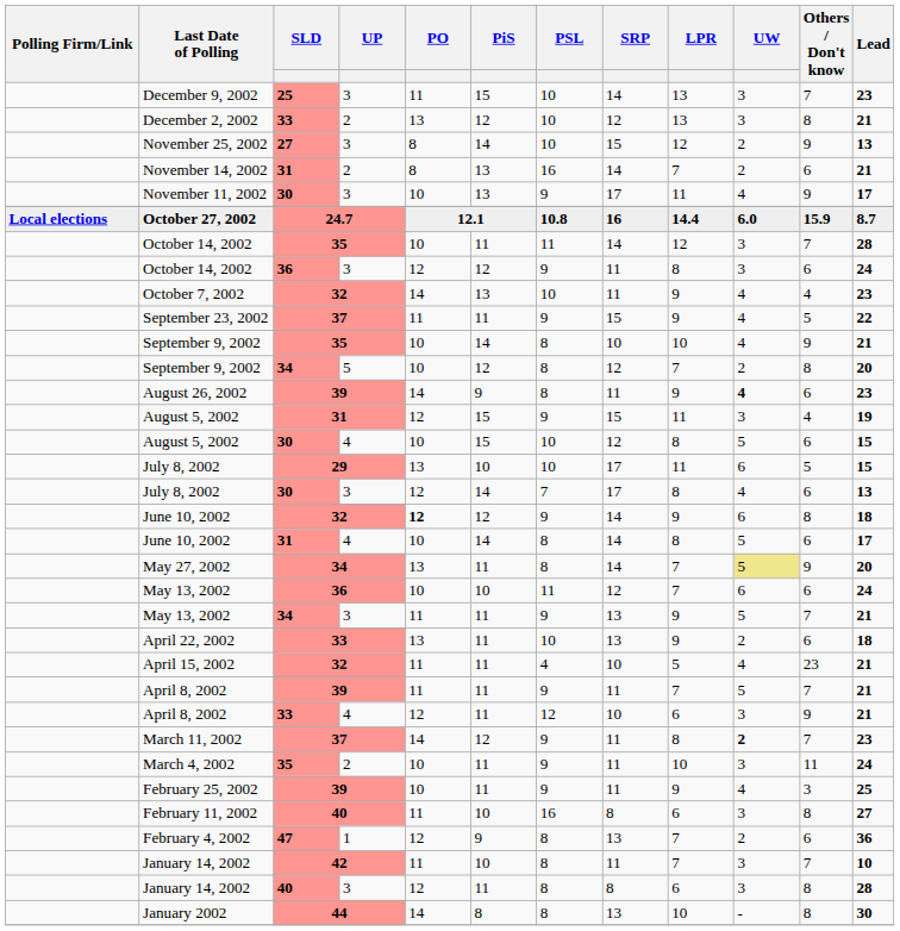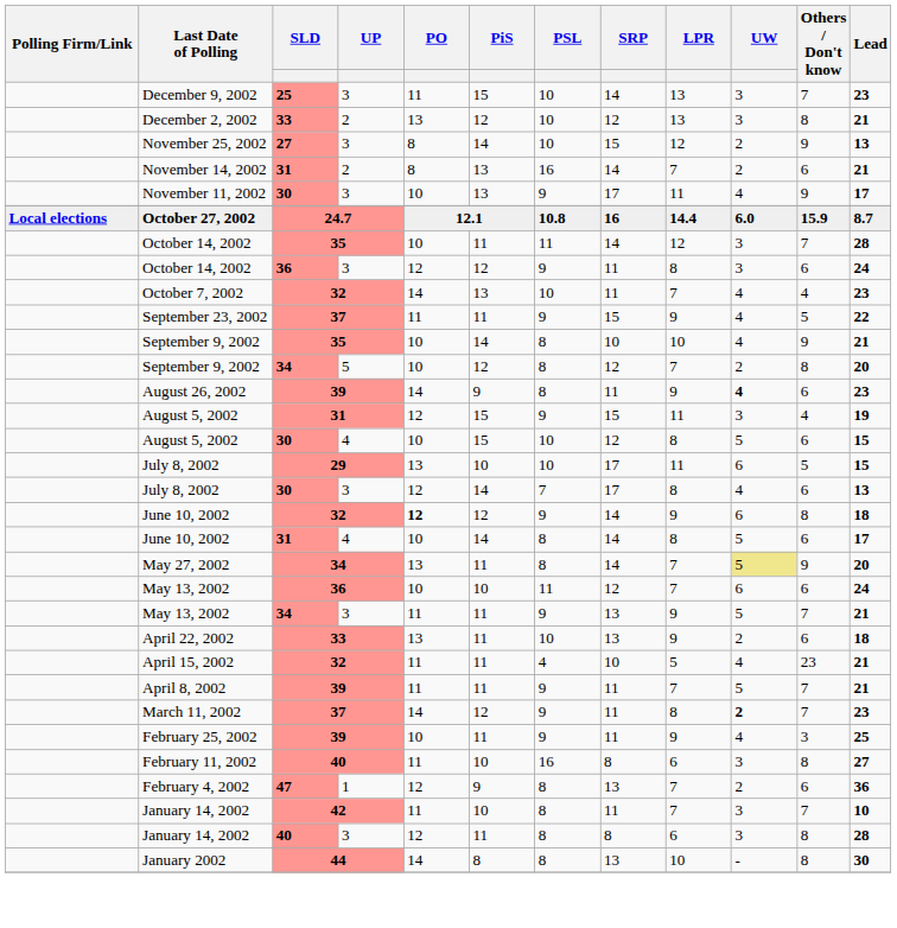 <table class="wikitable sortable collapsible">
 <tr style="height:42px; text-align:center; background-color:#E9E9E9">
 <th rowspan="2" style="width:130px;">Polling Firm/Link</th>
 <th rowspan="2" data-sort-type="date" style="width:130px;">Last Date<br>of Polling</th>
 <th style="width:60px;" class="unsortable"><a href='#'>SLD</a></th>
 <th style="width:60px;" class="unsortable"><a href='#'>UP</a></th>
 <th style="width:60px;" class="unsortable"><a href='#'>PO</a></th>
 <th style="width:60px;" class="unsortable"><a href='#'>PiS</a></th>
 <th style="width:60px;" class="unsortable"><a href='#'>PSL</a></th>
 <th style="width:60px;" class="unsortable"><a href='#'>SRP</a></th>
 <th style="width:60px;" class="unsortable"><a href='#'>LPR</a></th>
 <th style="width:60px;" class="unsortable"><a href='#'>UW</a></th>
 <th rowspan="2" data-sort-type="number" style="width:40px;">Others /<br>Don't know</th>
 <th rowspan="2" data-sort-type="number" style="width:30px;">Lead</th>
 </tr>
 <tr>
 <th data-sort-type="number" style="height:1px; background:"></th>
 <th data-sort-type="number" style="height:1px; background:"></th>
 <th data-sort-type="number" style="height:1px; background:"></th>
 <th data-sort-type="number" style="height:1px; background:"></th>
 <th data-sort-type="number" style="height:1px; background:"></th>
 <th data-sort-type="number" style="height:1px; background:"></th>
 <th data-sort-type="number" style="height:1px; background:"></th>
 <th data-sort-type="number" style="height:1px; background:"></th>
 </tr>
 <tr>
 <td></td>
 <td>December 9, 2002</td>
 <td style="background:#FF9691"><strong>25</strong></td>
 <td>3</td>
 <td>11</td>
 <td>15</td>
 <td>10</td>
 <td>14</td>
 <td>13</td>
 <td>3</td>
 <td>7</td>
 <td style="background:"><strong>23</strong></td>
 </tr>
 <tr>
 <td></td>
 <td>December 2, 2002</td>
 <td style="background:#FF9691"><strong>33</strong></td>
 <td>2</td>
 <td>13</td>
 <td>12</td>
 <td>10</td>
 <td>12</td>
 <td>13</td>
 <td>3</td>
 <td>8</td>
 <td style="background:"><strong>21</strong></td>
 </tr>
 <tr>
 <td></td>
 <td>November 25, 2002</td>
 <td style="background:#FF9691"><strong>27</strong></td>
 <td>3</td>
 <td>8</td>
 <td>14</td>
 <td>10</td>
 <td>15</td>
 <td>12</td>
 <td>2</td>
 <td>9</td>
 <td style="background:"><strong>13</strong></td>
 </tr>
 <tr>
 <td></td>
 <td>November 14, 2002</td>
 <td style="background:#FF9691"><strong>31</strong></td>
 <td>2</td>
 <td>8</td>
 <td>13</td>
 <td>16</td>
 <td>14</td>
 <td>7</td>
 <td>2</td>
 <td>6</td>
 <td style="background:"><strong>21</strong></td>
 </tr>
 <tr>
 <td></td>
 <td>November 11, 2002</td>
 <td style="background:#FF9691"><strong>30</strong></td>
 <td>3</td>
 <td>10</td>
 <td>13</td>
 <td>9</td>
 <td>17</td>
 <td>11</td>
 <td>4</td>
 <td>9</td>
 <td style="background:"><strong>17</strong></td>
 </tr>
 <tr>
 </tr>
 <tr style="background:#EFEFEF; font-weight:bold;">
 <td><a href='#'>Local elections</a></td>
 <td>October 27, 2002</td>
 <td colspan=2 align=center style="background:#FF9691">24.7</td>
 <td colspan=2 align=center>12.1</td>
 <td>10.8</td>
 <td>16</td>
 <td>14.4</td>
 <td>6.0</td>
 <td>15.9</td>
 <td style="background:"><strong>8.7</strong></td>
 </tr>
 <tr>
 <td></td>
 <td>October 14, 2002</td>
 <td colspan=2 align=center style="background:#FF9691"><strong>35</strong></td>
 <td>10</td>
 <td>11</td>
 <td>11</td>
 <td>14</td>
 <td>12</td>
 <td>3</td>
 <td>7</td>
 <td style="background:"><strong>28</strong></td>
 </tr>
 <tr>
 <td></td>
 <td>October 14, 2002</td>
 <td style="background:#FF9691"><strong>36</strong></td>
 <td>3</td>
 <td>12</td>
 <td>12</td>
 <td>9</td>
 <td>11</td>
 <td>8</td>
 <td>3</td>
 <td>6</td>
 <td style="background:"><strong>24</strong></td>
 </tr>
 <tr>
 <td></td>
 <td>October 7, 2002</td>
 <td colspan=2 align=center style="background:#FF9691"><strong>32</strong></td>
 <td>14</td>
 <td>13</td>
 <td>10</td>
 <td>11</td>
-<td>9</td>
+<td>7</td>
 <td>4</td>
 <td>4</td>
 <td style="background:"><strong>23</strong></td>
 </tr>
 <tr>
 <td></td>
 <td>September 23, 2002</td>
 <td colspan=2 align=center style="background:#FF9691"><strong>37</strong></td>
 <td>11</td>
 <td>11</td>
 <td>9</td>
 <td>15</td>
 <td>9</td>
 <td>4</td>
 <td>5</td>
 <td style="background:"><strong>22</strong></td>
 </tr>
 <tr>
 <td></td>
 <td>September 9, 2002</td>
 <td colspan=2 align=center style="background:#FF9691"><strong>35</strong></td>
 <td>10</td>
 <td>14</td>
 <td>8</td>
 <td>10</td>
 <td>10</td>
 <td>4</td>
 <td>9</td>
 <td style="background:"><strong>21</strong></td>
 </tr>
 <tr>
 <td></td>
 <td>September 9, 2002</td>
 <td style="background:#FF9691"><strong>34</strong></td>
 <td>5</td>
 <td>10</td>
 <td>12</td>
 <td>8</td>
 <td>12</td>
 <td>7</td>
 <td>2</td>
 <td>8</td>
 <td style="background:"><strong>20</strong></td>
 </tr>
 <tr>
 <td></td>
 <td>August 26, 2002</td>
 <td colspan=2 align=center style="background:#FF9691"><strong>39</strong></td>
 <td>14</td>
 <td>9</td>
 <td>8</td>
 <td>11</td>
 <td>9</td>
 <td><strong>4</strong></td>
 <td>6</td>
 <td style="background:"><strong>23</strong></td>
 </tr>
 <tr>
 <td></td>
 <td>August 5, 2002</td>
 <td colspan=2 align=center style="background:#FF9691"><strong>31</strong></td>
 <td>12</td>
 <td>15</td>
 <td>9</td>
 <td>15</td>
 <td>11</td>
 <td>3</td>
 <td>4</td>
 <td style="background:"><strong>19</strong></td>
 </tr>
 <tr>
 <td></td>
 <td>August 5, 2002</td>
 <td style="background:#FF9691"><strong>30</strong></td>
 <td>4</td>
 <td>10</td>
 <td>15</td>
 <td>10</td>
 <td>12</td>
 <td>8</td>
 <td>5</td>
 <td>6</td>
 <td style="background:"><strong>15</strong></td>
 </tr>
 <tr>
 <td></td>
 <td>July 8, 2002</td>
 <td colspan=2 align=center style="background:#FF9691"><strong>29</strong></td>
 <td>13</td>
 <td>10</td>
 <td>10</td>
 <td>17</td>
 <td>11</td>
 <td>6</td>
 <td>5</td>
 <td style="background:"><strong>15</strong></td>
 </tr>
 <tr>
 <td></td>
 <td>July 8, 2002</td>
 <td style="background:#FF9691"><strong>30</strong></td>
 <td>3</td>
 <td>12</td>
 <td>14</td>
 <td>7</td>
 <td>17</td>
 <td>8</td>
 <td>4</td>
 <td>6</td>
 <td style="background:"><strong>13</strong></td>
 </tr>
 <tr>
 <td></td>
 <td>June 10, 2002</td>
 <td colspan=2 align=center style="background:#FF9691"><strong>32</strong></td>
 <td><strong>12</strong></td>
 <td>12</td>
 <td>9</td>
 <td>14</td>
 <td>9</td>
 <td>6</td>
 <td>8</td>
 <td style="background:"><strong>18</strong></td>
 </tr>
 <tr>
 <td></td>
 <td>June 10, 2002</td>
 <td style="background:#FF9691"><strong>31</strong></td>
 <td>4</td>
 <td>10</td>
 <td>14</td>
 <td>8</td>
 <td>14</td>
 <td>8</td>
 <td>5</td>
 <td>6</td>
 <td style="background:"><strong>17</strong></td>
 </tr>
 <tr>
 <td></td>
 <td>May 27, 2002</td>
 <td colspan=2 align=center style="background:#FF9691"><strong>34</strong></td>
 <td>13</td>
 <td>11</td>
 <td>8</td>
 <td>14</td>
 <td>7</td>
 <td style="background: khaki;">5</td>
 <td>9</td>
 <td style="background:"><strong>20</strong></td>
 </tr>
 <tr>
 <td></td>
 <td>May 13, 2002</td>
 <td colspan=2 align=center style="background:#FF9691"><strong>36</strong></td>
 <td>10</td>
 <td>10</td>
 <td>11</td>
 <td>12</td>
 <td>7</td>
 <td>6</td>
 <td>6</td>
 <td style="background:"><strong>24</strong></td>
 </tr>
 <tr>
 <td></td>
 <td>May 13, 2002</td>
 <td style="background:#FF9691"><strong>34</strong></td>
 <td>3</td>
 <td>11</td>
 <td>11</td>
 <td>9</td>
 <td>13</td>
 <td>9</td>
 <td>5</td>
 <td>7</td>
 <td style="background:"><strong>21</strong></td>
 </tr>
 <tr>
 <td></td>
 <td>April 22, 2002</td>
 <td colspan=2 align=center style="background:#FF9691"><strong>33</strong></td>
 <td>13</td>
 <td>11</td>
 <td>10</td>
 <td>13</td>
 <td>9</td>
 <td>2</td>
 <td>6</td>
 <td style="background:"><strong>18</strong></td>
 </tr>
 <tr>
 <td></td>
 <td>April 15, 2002</td>
 <td colspan=2 align=center style="background:#FF9691"><strong>32</strong></td>
 <td>11</td>
 <td>11</td>
 <td>4</td>
 <td>10</td>
 <td>5</td>
 <td>4</td>
 <td>23</td>
 <td style="background:"><strong>21</strong></td>
 </tr>
 <tr>
 <td></td>
 <td>April 8, 2002</td>
 <td colspan=2 align=center style="background:#FF9691"><strong>39</strong></td>
 <td>11</td>
 <td>11</td>
 <td>9</td>
 <td>11</td>
 <td>7</td>
 <td>5</td>
 <td>7</td>
 <td style="background:"><strong>21</strong></td>
 </tr>
 <tr>
 <td></td>
-<td>April 8, 2002</td>
-<td style="background:#FF9691"><strong>33</strong></td>
-<td>4</td>
-<td>12</td>
-<td>11</td>
-<td>12</td>
-<td>10</td>
-<td>6</td>
-<td>3</td>
-<td>9</td>
-<td style="background:"><strong>21</strong></td>
-</tr>
-<tr>
-<td></td>
 <td>March 11, 2002</td>
 <td colspan=2 align=center style="background:#FF9691"><strong>37</strong></td>
 <td>14</td>
 <td>12</td>
 <td>9</td>
 <td>11</td>
 <td>8</td>
 <td><strong>2</strong></td>
 <td>7</td>
 <td style="background:"><strong>23</strong></td>
-</tr>
-<tr>
-<td></td>
-<td>March 4, 2002</td>
-<td style="background:#FF9691"><strong>35</strong></td>
-<td>2</td>
-<td>10</td>
-<td>11</td>
-<td>9</td>
-<td>11</td>
-<td>10</td>
-<td>3</td>
-<td>11</td>
-<td style="background:"><strong>24</strong></td>
 </tr>
 <tr>
 <td></td>
 <td>February 25, 2002</td>
 <td colspan=2 align=center style="background:#FF9691"><strong>39</strong></td>
 <td>10</td>
 <td>11</td>
 <td>9</td>
 <td>11</td>
 <td>9</td>
 <td>4</td>
 <td>3</td>
 <td style="background:"><strong>25</strong></td>
 </tr>
 <tr>
 <td></td>
 <td>February 11, 2002</td>
 <td colspan=2 align=center style="background:#FF9691"><strong>40</strong></td>
 <td>11</td>
 <td>10</td>
 <td>16</td>
 <td>8</td>
 <td>6</td>
 <td>3</td>
 <td>8</td>
 <td style="background:"><strong>27</strong></td>
 </tr>
 <tr>
 <td></td>
 <td>February 4, 2002</td>
 <td style="background:#FF9691"><strong>47</strong></td>
 <td>1</td>
 <td>12</td>
 <td>9</td>
 <td>8</td>
 <td>13</td>
 <td>7</td>
 <td>2</td>
 <td>6</td>
 <td style="background:"><strong>36</strong></td>
 </tr>
 <tr>
 <td></td>
 <td>January 14, 2002</td>
 <td colspan=2 align=center style="background:#FF9691"><strong>42</strong></td>
 <td>11</td>
 <td>10</td>
 <td>8</td>
 <td>11</td>
 <td>7</td>
 <td>3</td>
 <td>7</td>
 <td style="background:"><strong>10</strong></td>
 </tr>
 <tr>
 <td></td>
 <td>January 14, 2002</td>
 <td style="background:#FF9691"><strong>40</strong></td>
 <td>3</td>
 <td>12</td>
 <td>11</td>
 <td>8</td>
 <td>8</td>
 <td>6</td>
 <td>3</td>
 <td>8</td>
 <td style="background:"><strong>28</strong></td>
 </tr>
 <tr>
 <td></td>
 <td>January 2002</td>
 <td colspan=2 align=center style="background:#FF9691"><strong>44</strong></td>
 <td>14</td>
 <td>8</td>
 <td>8</td>
 <td>13</td>
 <td>10</td>
 <td>-</td>
 <td>8</td>
 <td style="background:"><strong>30</strong></td>
 </tr>
 <tr>
 </tr>
 </table>
